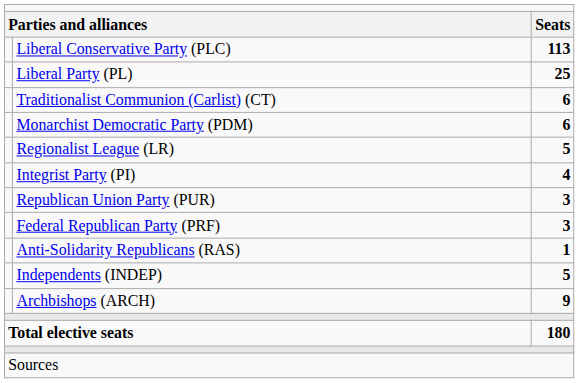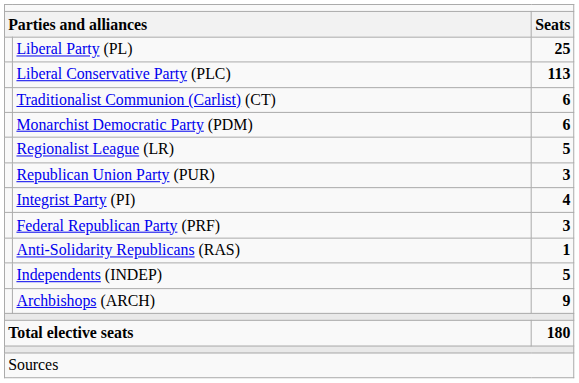 <table class="wikitable" style="text-align:right;">
 <tr>
 <td colspan="3"></td>
 </tr>
 <tr>
 <th style="text-align:left;" colspan="2" width="525">Parties and alliances</th>
 <th width="35">Seats</th>
 </tr>
 <tr>
+<td style="color:inherit;background:"></td>
+<td align="left"><a href='#'>Liberal Party</a> (PL)</td>
+<td><strong>25</strong></td>
+</tr>
+<tr>
 <td width="1" style="color:inherit;background:"></td>
 <td align="left"><a href='#'>Liberal Conservative Party</a> (PLC)</td>
 <td><strong>113</strong></td>
-</tr>
-<tr>
-<td style="color:inherit;background:"></td>
-<td align="left"><a href='#'>Liberal Party</a> (PL)</td>
-<td><strong>25</strong></td>
 </tr>
 <tr>
 <td style="color:inherit;background:"></td>
 <td align="left"><a href='#'>Traditionalist Communion (Carlist)</a> (CT)</td>
 <td><strong>6</strong></td>
 </tr>
 <tr>
 <td style="color:inherit;background:"></td>
 <td align="left"><a href='#'>Monarchist Democratic Party</a> (PDM)</td>
 <td><strong>6</strong></td>
 </tr>
 <tr>
 <td style="color:inherit;background:"></td>
 <td align="left"><a href='#'>Regionalist League</a> (LR)</td>
 <td><strong>5</strong></td>
 </tr>
 <tr>
 <td style="color:inherit;background:"></td>
-<td align="left"><a href='#'>Integrist Party</a> (PI)</td>
-<td><strong>4</strong></td>
+<td align="left"><a href='#'>Republican Union Party</a> (PUR)</td>
+<td><strong>3</strong></td>
 </tr>
 <tr>
 <td style="color:inherit;background:"></td>
-<td align="left"><a href='#'>Republican Union Party</a> (PUR)</td>
-<td><strong>3</strong></td>
+<td align="left"><a href='#'>Integrist Party</a> (PI)</td>
+<td><strong>4</strong></td>
 </tr>
 <tr>
 <td style="color:inherit;background:"></td>
 <td align="left"><a href='#'>Federal Republican Party</a> (PRF)</td>
 <td><strong>3</strong></td>
 </tr>
 <tr>
 <td style="color:inherit;background:"></td>
 <td align="left"><a href='#'>Anti-Solidarity Republicans</a> (RAS)</td>
 <td><strong>1</strong></td>
 </tr>
 <tr>
 <td style="color:inherit;background:"></td>
 <td align="left"><a href='#'>Independents</a> (INDEP)</td>
 <td><strong>5</strong></td>
 </tr>
 <tr>
 <td style="color:inherit;background:"></td>
 <td align="left"><a href='#'>Archbishops</a> (ARCH)</td>
 <td><strong>9</strong></td>
 </tr>
 <tr>
 <td colspan="3" bgcolor="#E9E9E9"></td>
 </tr>
 <tr style="font-weight:bold;">
 <td align="left" colspan="2">Total elective seats</td>
 <td>180</td>
 </tr>
 <tr>
 <td colspan="3" bgcolor="#E9E9E9"></td>
 </tr>
 <tr>
 <td align="left" colspan="3">Sources</td>
 </tr>
 </table>
